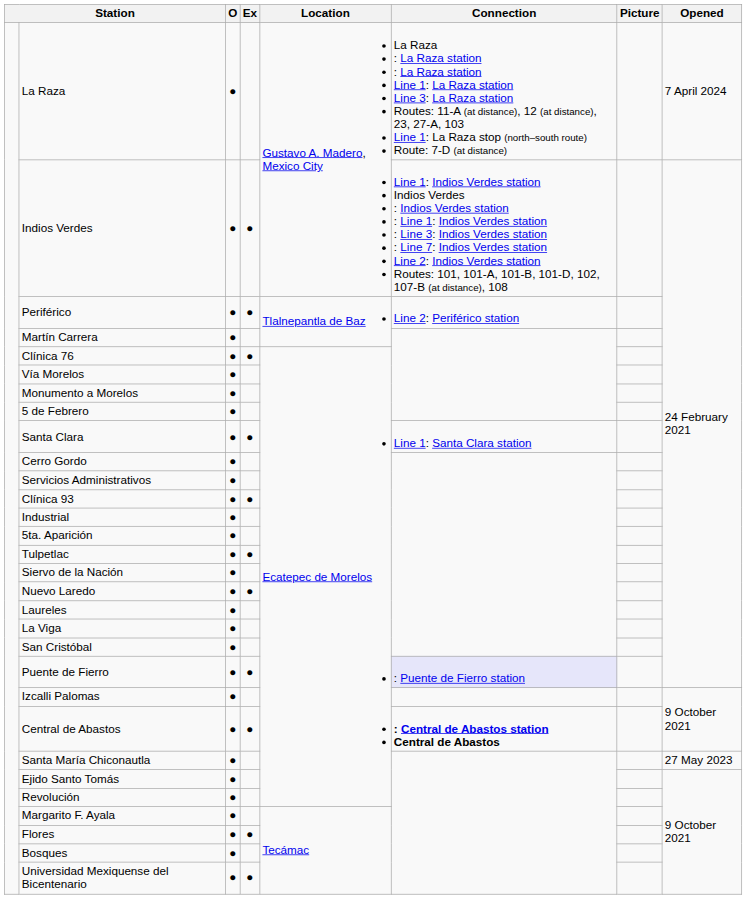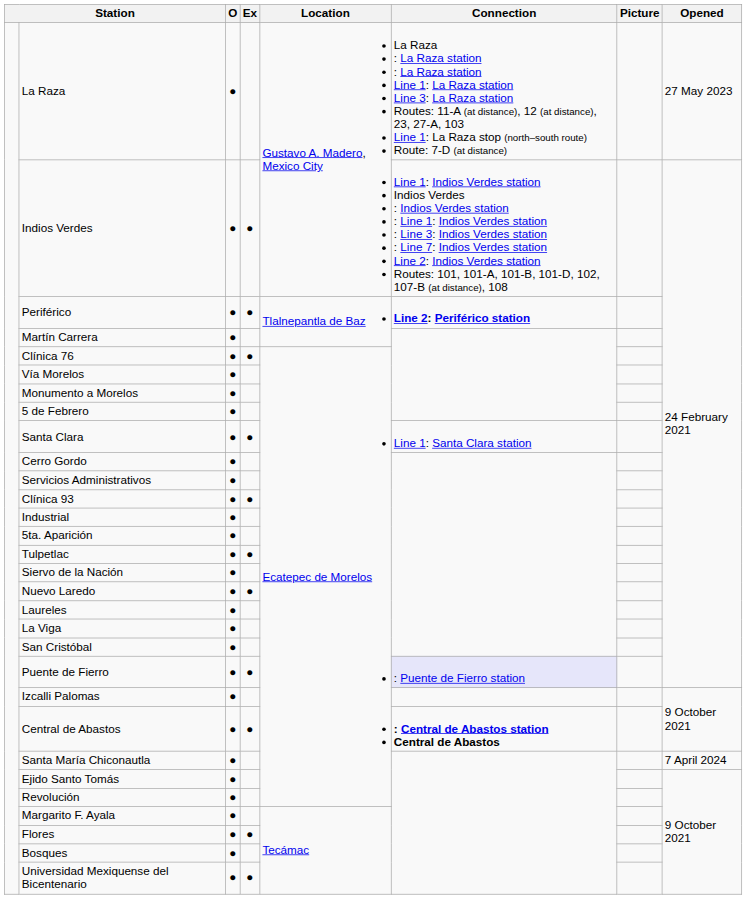 <table width="80%"  class="wikitable">
 <tr>
 <th colspan="2" align="center" width="30%">Station</th>
 <th align="center">O</th>
 <th align="center">Ex</th>
 <th align="center">Location</th>
 <th align="center">Connection</th>
 <th align="center">Picture</th>
 <th align="center">Opened</th>
 </tr>
 <tr>
 <td rowspan="30" width="2%"> </td>
 <td> La Raza</td>
 <td align="center">●</td>
 <td align="center"></td>
 <td rowspan="2"><a href='#'>Gustavo A. Madero</a>, <a href='#'>Mexico City</a></td>
 <td><br><li> La Raza</li> <li> : <a href='#'>La Raza station</a></li> <li> : <a href='#'>La Raza station</a></li> <li>  <a href='#'>Line 1</a>: <a href='#'>La Raza station</a></li> <li>  <a href='#'>Line 3</a>: <a href='#'>La Raza station</a></li> <li> Routes: 11-A <small>(at distance)</small>, 12 <small>(at distance)</small>, 23, 27-A, 103</li> <li> <a href='#'>Line 1</a>: La Raza stop <small>(north–south route)</small></li> <li> Route: 7-D <small>(at distance)</small></td>
 <td></td>
-<td>7 April 2024</td>
+<td>27 May 2023</td>
 </tr>
 <tr>
 <td> Indios Verdes</td>
 <td align="center">●</td>
 <td align="center">●</td>
 <td><br><li> <a href='#'>Line 1</a>: <a href='#'>Indios Verdes station</a></li> <li> Indios Verdes</li> <li> : <a href='#'>Indios Verdes station</a></li> <li> : <a href='#'>Line 1</a>: <a href='#'>Indios Verdes station</a></li> <li> : <a href='#'>Line 3</a>: <a href='#'>Indios Verdes station</a></li> <li> : <a href='#'>Line 7</a>: <a href='#'>Indios Verdes station</a></li> <li>  <a href='#'>Line 2</a>: <a href='#'>Indios Verdes station</a></li> <li> Routes: 101, 101-A, 101-B, 101-D, 102, 107-B <small>(at distance)</small>, 108</td>
 <td></td>
 <td rowspan="20">24 February 2021</td>
 </tr>
 <tr>
 <td> Periférico</td>
 <td align="center">●</td>
 <td align="center">●</td>
 <td rowspan="2"><a href='#'>Tlalnepantla de Baz</a></td>
-<td><br><li>  <a href='#'>Line 2</a>: <a href='#'>Periférico station</a></td>
+<td><strong><br><li>  <a href='#'>Line 2</a>: <a href='#'>Periférico station</a></strong></td>
 <td></td>
 </tr>
 <tr>
 <td> Martín Carrera</td>
 <td align="center">●</td>
 <td align="center"></td>
 <td rowspan="5"></td>
 <td></td>
 </tr>
 <tr>
 <td> Clínica 76</td>
 <td align="center">●</td>
 <td align="center">●</td>
 <td rowspan="22"><a href='#'>Ecatepec de Morelos</a></td>
 <td></td>
 </tr>
 <tr>
 <td> Vía Morelos</td>
 <td align="center">●</td>
 <td align="center"></td>
 <td></td>
 </tr>
 <tr>
 <td> Monumento a Morelos</td>
 <td align="center">●</td>
 <td align="center"></td>
 <td></td>
 </tr>
 <tr>
 <td> 5 de Febrero</td>
 <td align="center">●</td>
 <td align="center"></td>
 <td></td>
 </tr>
 <tr>
 <td> Santa Clara</td>
 <td align="center">●</td>
 <td align="center">●</td>
 <td><br><li>  <a href='#'>Line 1</a>: <a href='#'>Santa Clara station</a></td>
 <td></td>
 </tr>
 <tr>
 <td> Cerro Gordo</td>
 <td align="center">●</td>
 <td align="center"></td>
 <td rowspan="11"></td>
 <td></td>
 </tr>
 <tr>
 <td> Servicios Administrativos</td>
 <td align="center">●</td>
 <td align="center"></td>
 <td></td>
 </tr>
 <tr>
 <td> Clínica 93</td>
 <td align="center">●</td>
 <td align="center">●</td>
 <td></td>
 </tr>
 <tr>
 <td> Industrial</td>
 <td align="center">●</td>
 <td align="center"></td>
 <td></td>
 </tr>
 <tr>
 <td> 5ta. Aparición</td>
 <td align="center">●</td>
 <td align="center"></td>
 <td></td>
 </tr>
 <tr>
 <td> Tulpetlac</td>
 <td align="center">●</td>
 <td align="center">●</td>
 <td></td>
 </tr>
 <tr>
 <td> Siervo de la Nación</td>
 <td align="center">●</td>
 <td align="center"></td>
 <td></td>
 </tr>
 <tr>
 <td> Nuevo Laredo</td>
 <td align="center">●</td>
 <td align="center">●</td>
 <td></td>
 </tr>
 <tr>
 <td> Laureles</td>
 <td align="center">●</td>
 <td align="center"></td>
 <td></td>
 </tr>
 <tr>
 <td> La Viga</td>
 <td align="center">●</td>
 <td align="center"></td>
 <td></td>
 </tr>
 <tr>
 <td> San Cristóbal</td>
 <td align="center">●</td>
 <td align="center"></td>
 <td></td>
 </tr>
 <tr>
 <td> Puente de Fierro</td>
 <td align="center">●</td>
 <td align="center">●</td>
 <td style="background: lavender;"><br><li> : <a href='#'>Puente de Fierro station</a></td>
 <td></td>
 </tr>
 <tr>
 <td> Izcalli Palomas</td>
 <td align="center">●</td>
 <td align="center"></td>
 <td></td>
 <td></td>
 <td rowspan="2">9 October 2021</td>
 </tr>
 <tr>
 <td> Central de Abastos</td>
 <td align="center">●</td>
 <td align="center">●</td>
 <td><strong><br><li> : <a href='#'>Central de Abastos station</a></li> <li> Central de Abastos</strong></td>
 <td></td>
 </tr>
 <tr>
 <td> Santa María Chiconautla</td>
 <td align="center">●</td>
 <td align="center"></td>
 <td rowspan="8"></td>
 <td></td>
-<td>27 May 2023</td>
+<td>7 April 2024</td>
 </tr>
 <tr>
 <td> Ejido Santo Tomás</td>
 <td align="center">●</td>
 <td align="center"></td>
 <td></td>
 <td rowspan="6">9 October 2021</td>
 </tr>
 <tr>
 <td> Revolución</td>
 <td align="center">●</td>
 <td align="center"></td>
 <td></td>
 </tr>
 <tr>
 <td> Margarito F. Ayala</td>
 <td align="center">●</td>
 <td align="center"></td>
 <td rowspan="4"><a href='#'>Tecámac</a></td>
 <td></td>
 </tr>
 <tr>
 <td> Flores</td>
 <td align="center">●</td>
 <td align="center">●</td>
 <td></td>
 </tr>
 <tr>
 <td> Bosques</td>
 <td align="center">●</td>
 <td align="center"></td>
 <td></td>
 </tr>
 <tr>
 <td> Universidad Mexiquense del Bicentenario</td>
 <td align="center">●</td>
 <td align="center">●</td>
 <td></td>
 </tr>
 </table>
